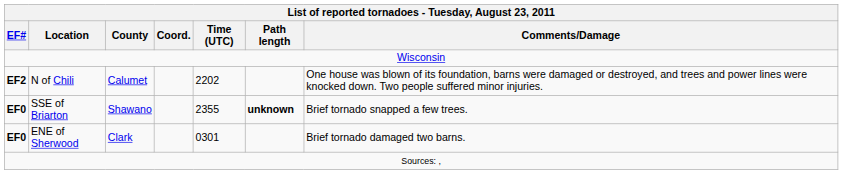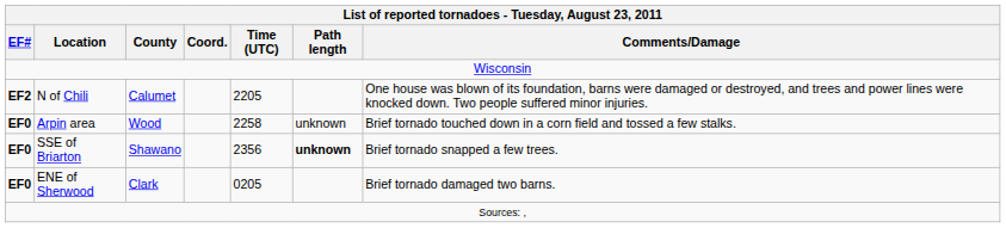 <table class="wikitable collapsible" width="100%">
 <tr>
 <th colspan="7">List of reported tornadoes - Tuesday, August 23, 2011</th>
 </tr>
 <tr>
 <th><a href='#'>EF#</a></th>
 <th>Location</th>
 <th>County</th>
 <th>Coord.</th>
 <th>Time (UTC)</th>
 <th>Path length</th>
 <th>Comments/Damage</th>
 </tr>
 <tr>
 <td colspan="7" align=center><a href='#'>Wisconsin</a></td>
 </tr>
 <tr>
 <td><strong>EF2</strong></td>
 <td>N of <a href='#'>Chili</a></td>
 <td><a href='#'>Calumet</a></td>
 <td></td>
-<td>2202</td>
+<td>2205</td>
 <td></td>
 <td>One house was blown of its foundation, barns were damaged or destroyed, and trees and power lines were knocked down. Two people suffered minor injuries.</td>
+</tr>
+<tr>
+<td><strong>EF0</strong></td>
+<td><a href='#'>Arpin</a> area</td>
+<td><a href='#'>Wood</a></td>
+<td></td>
+<td>2258</td>
+<td>unknown</td>
+<td>Brief tornado touched down in a corn field and tossed a few stalks.</td>
 </tr>
 <tr>
 <td><strong>EF0</strong></td>
 <td>SSE of <a href='#'>Briarton</a></td>
 <td><a href='#'>Shawano</a></td>
 <td></td>
-<td>2355</td>
+<td>2356</td>
 <td><strong>unknown</strong></td>
 <td>Brief tornado snapped a few trees.</td>
 </tr>
 <tr>
 <td><strong>EF0</strong></td>
 <td>ENE of <a href='#'>Sherwood</a></td>
 <td><a href='#'>Clark</a></td>
 <td></td>
-<td>0301</td>
+<td>0205</td>
 <td></td>
 <td>Brief tornado damaged two barns.</td>
 </tr>
 <tr>
 <td colspan="7" align=center><small>Sources:  , </small></td>
 </tr>
 </table>
